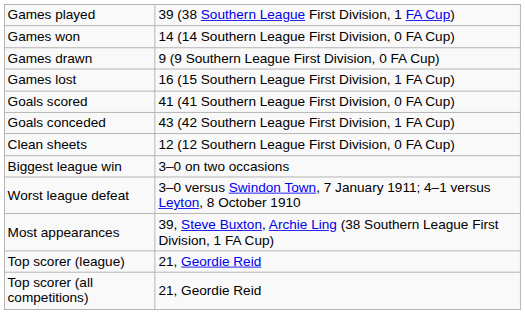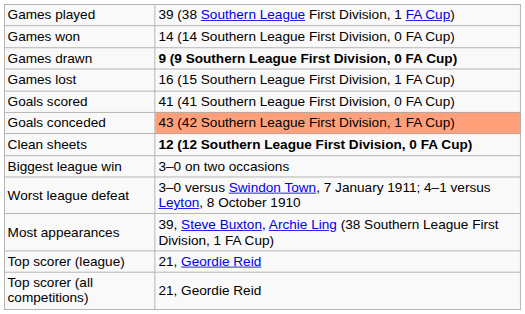 <table class="wikitable">
 <tr>
 <td>Games played</td>
 <td>39 (38 <a href='#'>Southern League</a> First Division, 1 <a href='#'>FA Cup</a>)</td>
 </tr>
 <tr>
 <td>Games won</td>
 <td>14 (14 Southern League First Division, 0 FA Cup)</td>
 </tr>
 <tr>
 <td>Games drawn</td>
-<td>9 (9 Southern League First Division, 0 FA Cup)</td>
+<td><strong>9 (9 Southern League First Division, 0 FA Cup)</strong></td>
 </tr>
 <tr>
 <td>Games lost</td>
 <td>16 (15 Southern League First Division, 1 FA Cup)</td>
 </tr>
 <tr>
 <td>Goals scored</td>
 <td>41 (41 Southern League First Division, 0 FA Cup)</td>
 </tr>
 <tr>
 <td>Goals conceded</td>
-<td>43 (42 Southern League First Division, 1 FA Cup)</td>
+<td style="background: lightsalmon;">43 (42 Southern League First Division, 1 FA Cup)</td>
 </tr>
 <tr>
 <td>Clean sheets</td>
-<td>12 (12 Southern League First Division, 0 FA Cup)</td>
+<td><strong>12 (12 Southern League First Division, 0 FA Cup)</strong></td>
 </tr>
 <tr>
 <td>Biggest league win</td>
 <td>3–0 on two occasions</td>
 </tr>
 <tr>
 <td>Worst league defeat</td>
 <td>3–0 versus <a href='#'>Swindon Town</a>, 7 January 1911; 4–1 versus <a href='#'>Leyton</a>, 8 October 1910</td>
 </tr>
 <tr>
 <td>Most appearances</td>
 <td>39, <a href='#'>Steve Buxton</a>, <a href='#'>Archie Ling</a> (38 Southern League First Division, 1 FA Cup)</td>
 </tr>
 <tr>
 <td>Top scorer (league)</td>
 <td>21, <a href='#'>Geordie Reid</a></td>
 </tr>
 <tr>
 <td>Top scorer (all competitions)</td>
 <td>21, Geordie Reid</td>
 </tr>
 </table>
